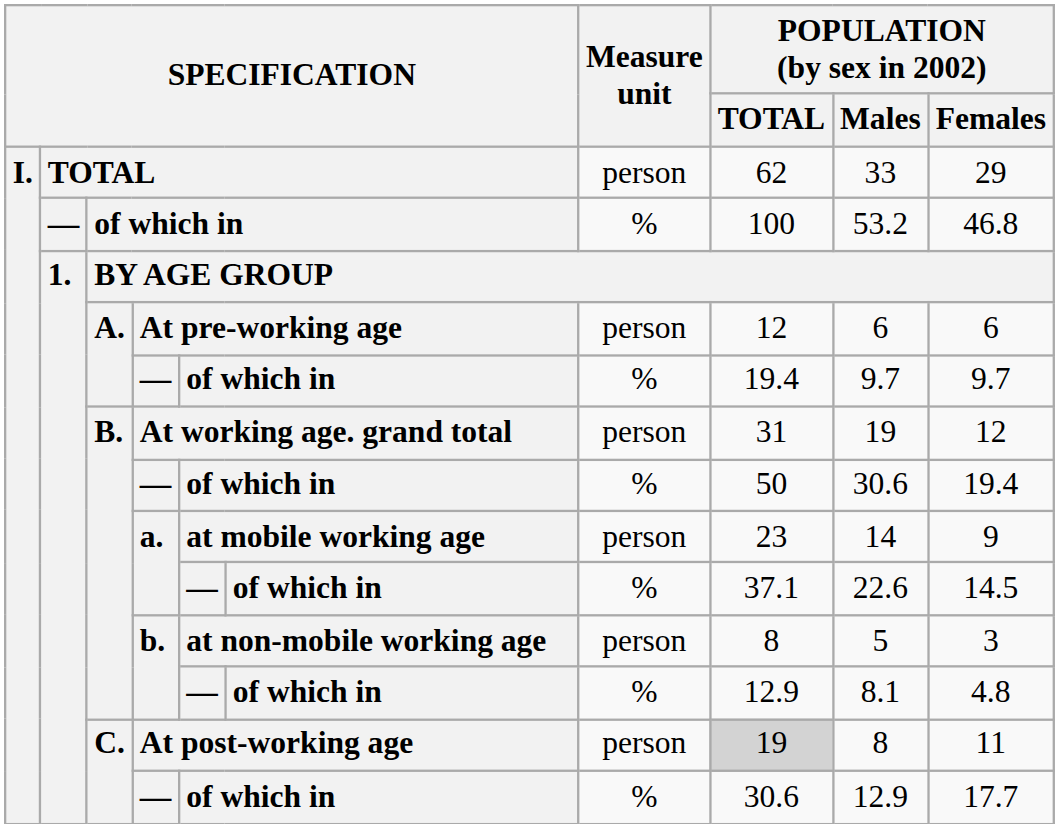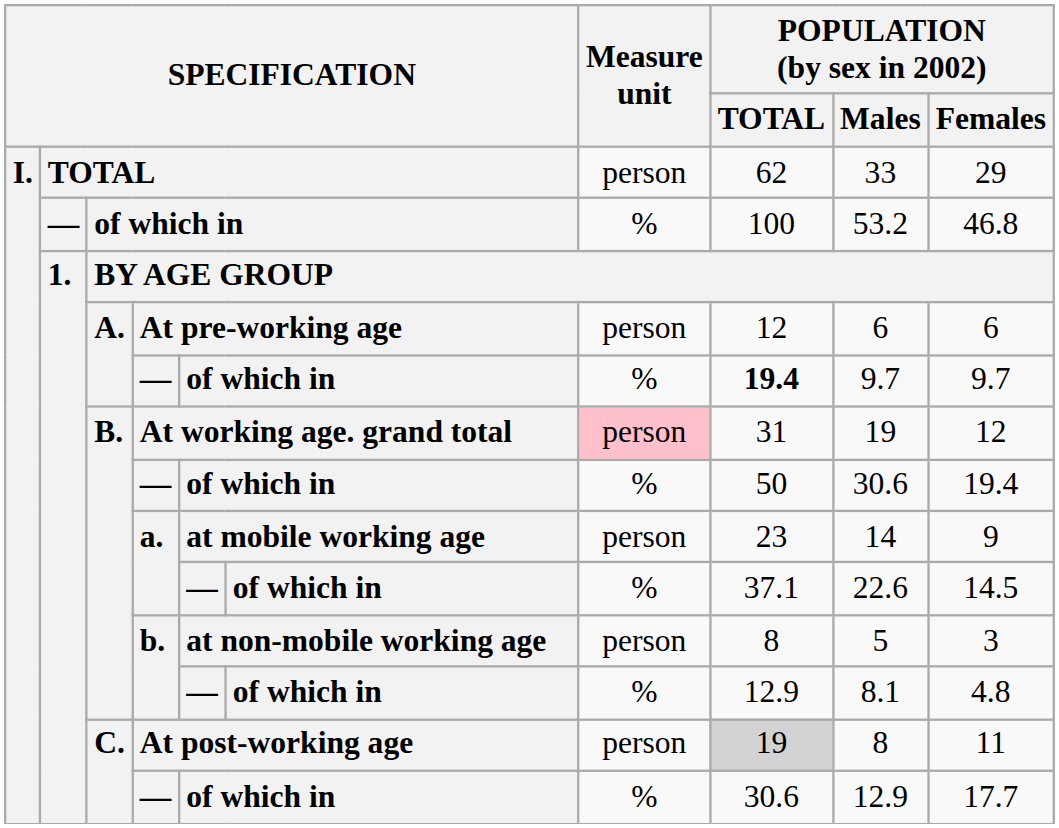 <table class="wikitable" style="font-size:85%; text-align:center">
 <tr>
 <th rowspan="2" colspan="6">SPECIFICATION</th>
 <th rowspan="2">Measure<br> unit</th>
 <th colspan="3" rowspan="1">POPULATION<br> (by sex in 2002)</th>
 </tr>
 <tr>
 <th>TOTAL</th>
 <th>Males</th>
 <th>Females</th>
 </tr>
 <tr>
 <th style="text-align:left" valign="top" rowspan="13">I.</th>
 <th style="text-align:left" colspan="5">TOTAL</th>
 <td>person</td>
 <td>62</td>
 <td>33</td>
 <td>29</td>
 </tr>
 <tr>
 <th style="text-align:left" valign="top">—</th>
 <th style="text-align:left" colspan="4">of which in</th>
 <td>%</td>
 <td>100</td>
 <td>53.2</td>
 <td>46.8</td>
 </tr>
 <tr>
 <th style="text-align:left" valign="top" rowspan="11">1.</th>
 <th style="text-align:left" colspan="19">BY AGE GROUP</th>
 </tr>
 <tr>
 <th style="text-align:left" valign="top" rowspan="2">A.</th>
 <th style="text-align:left" colspan="3">At pre-working age</th>
 <td>person</td>
 <td>12</td>
 <td>6</td>
 <td>6</td>
 </tr>
 <tr>
 <th style="text-align:left" valign="top">—</th>
 <th style="text-align:left" valign="top" colspan="2">of which in</th>
 <td>%</td>
-<td>19.4</td>
+<td><strong>19.4</strong></td>
 <td>9.7</td>
 <td>9.7</td>
 </tr>
 <tr>
 <th style="text-align:left" valign="top" rowspan="6">B.</th>
 <th style="text-align:left" colspan="3">At working age. grand total</th>
-<td>person</td>
+<td style="background: pink;">person</td>
 <td>31</td>
 <td>19</td>
 <td>12</td>
 </tr>
 <tr>
 <th style="text-align:left" valign="top">—</th>
 <th style="text-align:left" valign="top" colspan="2">of which in</th>
 <td>%</td>
 <td>50</td>
 <td>30.6</td>
 <td>19.4</td>
 </tr>
 <tr>
 <th style="text-align:left" valign="top" rowspan="2">a.</th>
 <th style="text-align:left" colspan="2">at mobile working age</th>
 <td>person</td>
 <td>23</td>
 <td>14</td>
 <td>9</td>
 </tr>
 <tr>
 <th style="text-align:left" valign="top">—</th>
 <th style="text-align:left" valign="top" colspan="1">of which in                        </th>
 <td>%</td>
 <td>37.1</td>
 <td>22.6</td>
 <td>14.5</td>
 </tr>
 <tr>
 <th style="text-align:left" valign="top" rowspan="2">b.</th>
 <th style="text-align:left" colspan="2">at non-mobile working age</th>
 <td>person</td>
 <td>8</td>
 <td>5</td>
 <td>3</td>
 </tr>
 <tr>
 <th style="text-align:left" valign="top">—</th>
 <th style="text-align:left" valign="top" colspan="1">of which in                        </th>
 <td>%</td>
 <td>12.9</td>
 <td>8.1</td>
 <td>4.8</td>
 </tr>
 <tr>
 <th style="text-align:left" valign="top" rowspan="2">C.</th>
 <th style="text-align:left" colspan="3">At post-working age</th>
 <td>person</td>
 <td style="background: lightgrey;">19</td>
 <td>8</td>
 <td>11</td>
 </tr>
 <tr>
 <th style="text-align:left" valign="top">—</th>
 <th style="text-align:left" valign="top" colspan="2">of which in</th>
 <td>%</td>
 <td>30.6</td>
 <td>12.9</td>
 <td>17.7</td>
 </tr>
 </table>
